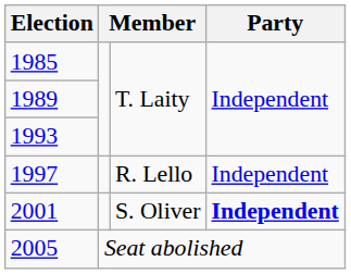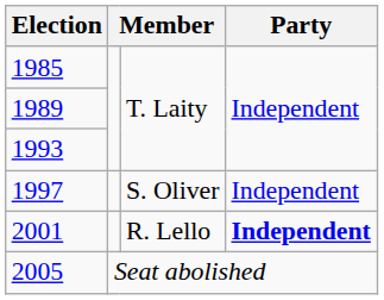 <table class="wikitable">
 <tr>
 <th>Election</th>
 <th colspan="2">Member</th>
 <th>Party</th>
 </tr>
 <tr>
 <td><a href='#'>1985</a></td>
 <td rowspan="3" style="background-color: "></td>
 <td rowspan="3">T. Laity</td>
 <td rowspan="3"><a href='#'>Independent</a></td>
 </tr>
 <tr>
 <td><a href='#'>1989</a></td>
 </tr>
 <tr>
 <td><a href='#'>1993</a></td>
 </tr>
 <tr>
 <td><a href='#'>1997</a></td>
 <td rowspan="1" style="background-color: "></td>
-<td rowspan="1">R. Lello</td>
+<td rowspan="1">S. Oliver</td>
 <td rowspan="1"><a href='#'>Independent</a></td>
 </tr>
 <tr>
 <td><a href='#'>2001</a></td>
 <td rowspan="1" style="background-color: "></td>
-<td rowspan="1">S. Oliver</td>
+<td rowspan="1">R. Lello</td>
 <td rowspan="1"><strong><a href='#'>Independent</a></strong></td>
 </tr>
 <tr>
 <td><a href='#'>2005</a></td>
 <td colspan="3"><em>Seat abolished</em></td>
 </tr>
 </table>
